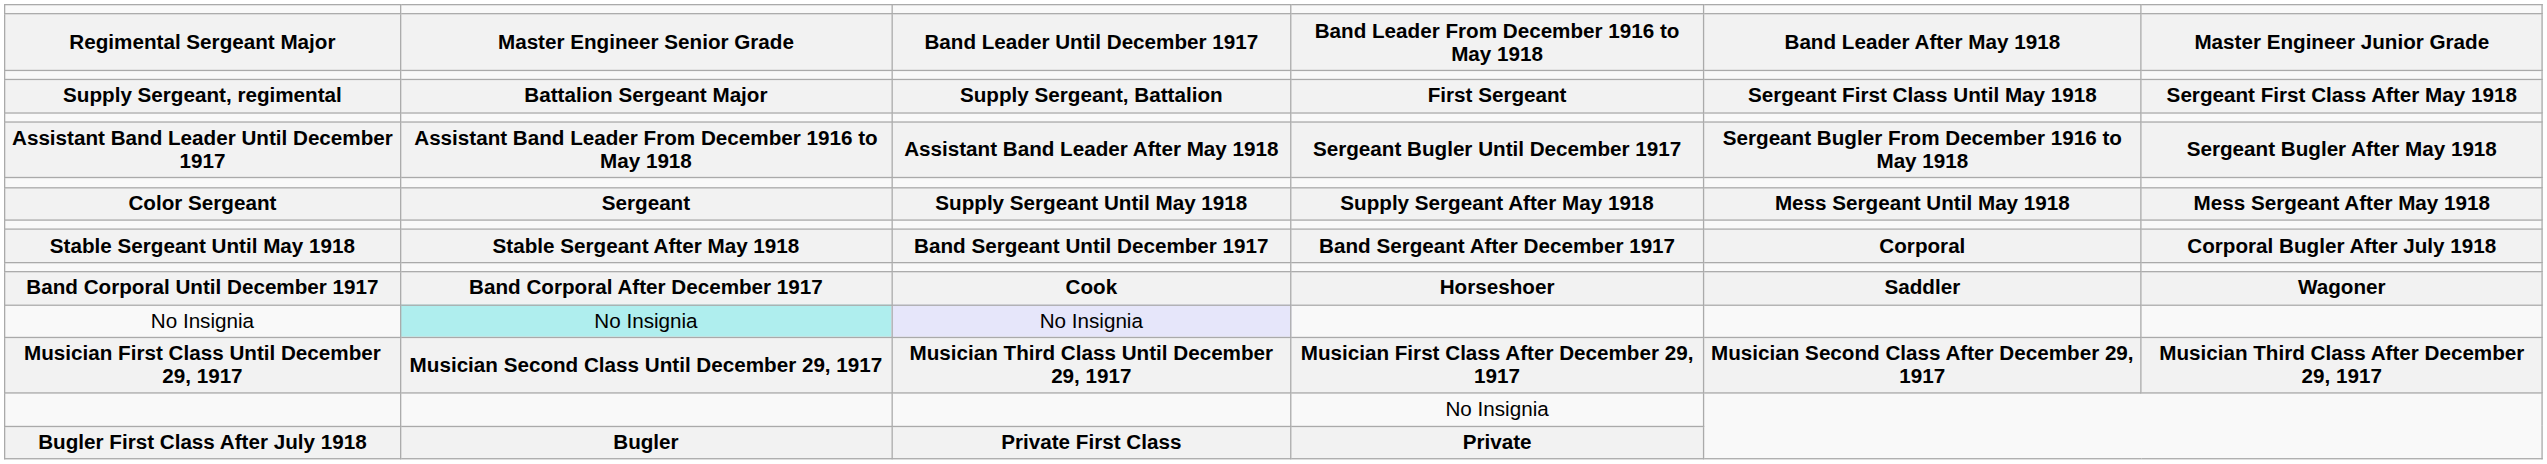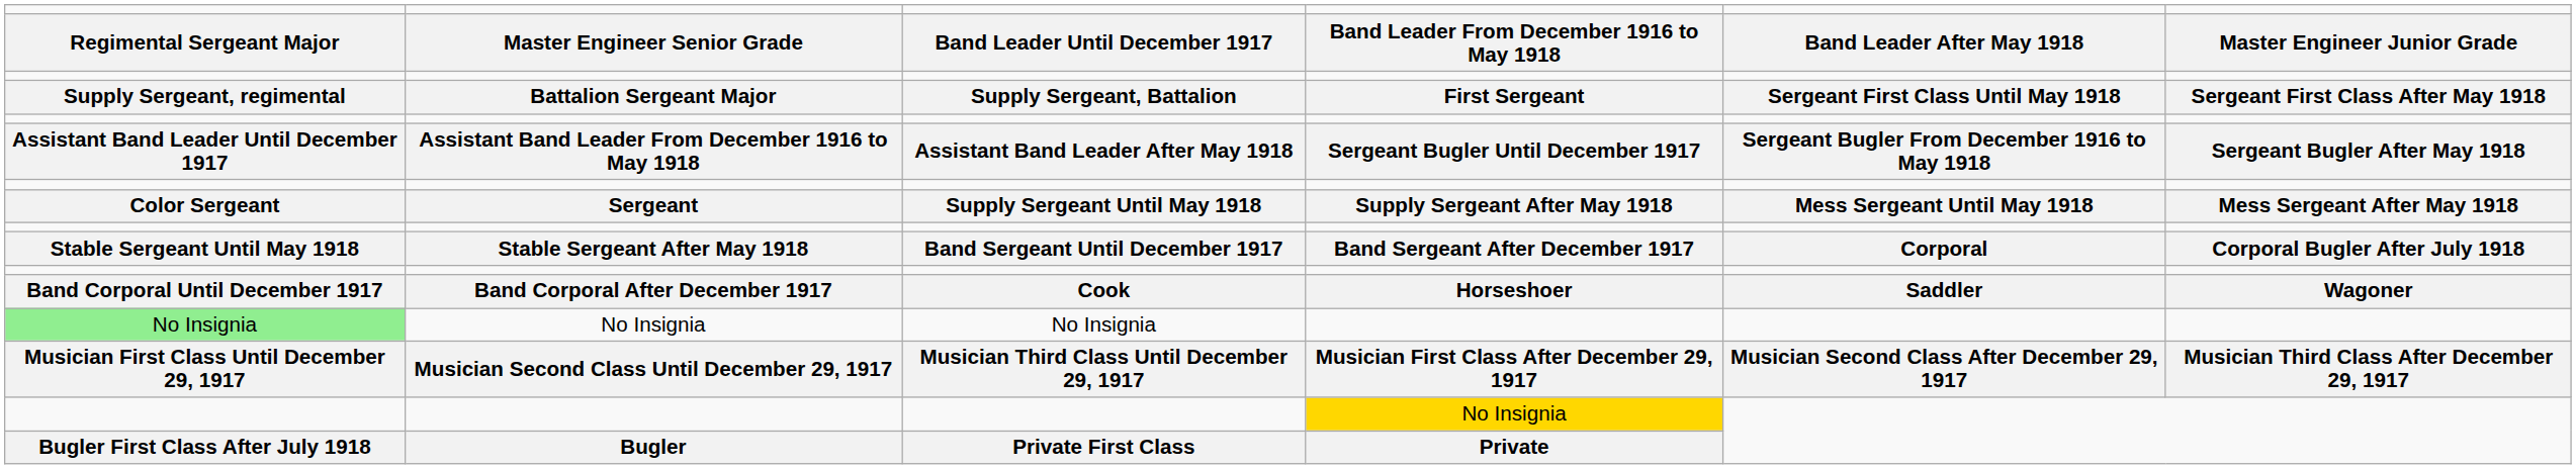 <table class="wikitable" style="text-align:center">
 <tr>
 <td></td>
 <td></td>
 <td></td>
 <td></td>
 <td></td>
 <td></td>
 </tr>
 <tr>
 <th>Regimental Sergeant Major</th>
 <th>Master Engineer Senior Grade</th>
 <th>Band Leader Until December 1917</th>
 <th>Band Leader From December 1916 to May 1918</th>
 <th>Band Leader After May 1918</th>
 <th>Master Engineer Junior Grade</th>
 </tr>
 <tr>
 <td></td>
 <td></td>
 <td></td>
 <td></td>
 <td></td>
 <td></td>
 </tr>
 <tr>
 <th>Supply Sergeant, regimental</th>
 <th>Battalion Sergeant Major</th>
 <th>Supply Sergeant, Battalion</th>
 <th>First Sergeant</th>
 <th>Sergeant First Class Until May 1918</th>
 <th>Sergeant First Class After May 1918</th>
 </tr>
 <tr>
 <td></td>
 <td></td>
 <td></td>
 <td></td>
 <td></td>
 <td></td>
 </tr>
 <tr>
 <th>Assistant Band Leader Until December 1917</th>
 <th>Assistant Band Leader From December 1916 to May 1918</th>
 <th>Assistant Band Leader After May 1918</th>
 <th>Sergeant Bugler Until December 1917</th>
 <th>Sergeant Bugler From December 1916 to May 1918</th>
 <th>Sergeant Bugler After May 1918</th>
 </tr>
 <tr>
 <td></td>
 <td></td>
 <td></td>
 <td></td>
 <td></td>
 <td></td>
 </tr>
 <tr>
 <th>Color Sergeant</th>
 <th>Sergeant</th>
 <th>Supply Sergeant Until May 1918</th>
 <th>Supply Sergeant After May 1918</th>
 <th>Mess Sergeant Until May 1918</th>
 <th>Mess Sergeant After May 1918</th>
 </tr>
 <tr>
 <td></td>
 <td></td>
 <td></td>
 <td></td>
 <td></td>
 <td></td>
 </tr>
 <tr>
 <th>Stable Sergeant Until May 1918</th>
 <th>Stable Sergeant After May 1918</th>
 <th>Band Sergeant Until December 1917</th>
 <th>Band Sergeant After December 1917</th>
 <th>Corporal</th>
 <th>Corporal Bugler After July 1918</th>
 </tr>
 <tr>
 <td></td>
 <td></td>
 <td></td>
 <td></td>
 <td></td>
 <td></td>
 </tr>
 <tr>
 <th>Band Corporal Until December 1917</th>
 <th>Band Corporal After December 1917</th>
 <th>Cook</th>
 <th>Horseshoer</th>
 <th>Saddler</th>
 <th>Wagoner</th>
 </tr>
 <tr>
+<td style="background: lightgreen;">No Insignia</td>
 <td>No Insignia</td>
-<td style="background: paleturquoise;">No Insignia</td>
-<td style="background: lavender;">No Insignia</td>
+<td>No Insignia</td>
 <td></td>
 <td></td>
 <td></td>
 </tr>
 <tr>
 <th>Musician First Class Until December 29, 1917</th>
 <th>Musician Second Class Until December 29, 1917</th>
 <th>Musician Third Class Until December 29, 1917</th>
 <th>Musician First Class After December 29, 1917</th>
 <th>Musician Second Class After December 29, 1917</th>
 <th>Musician Third Class After December 29, 1917</th>
 </tr>
 <tr>
 <td></td>
 <td></td>
 <td></td>
-<td>No Insignia</td>
+<td style="background: gold;">No Insignia</td>
 </tr>
 <tr>
 <th>Bugler First Class After July 1918</th>
 <th>Bugler</th>
 <th>Private First Class</th>
 <th>Private</th>
 </tr>
 </table>
